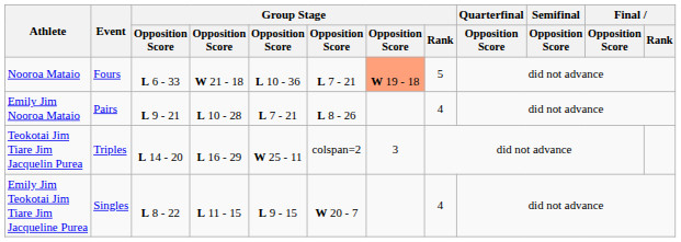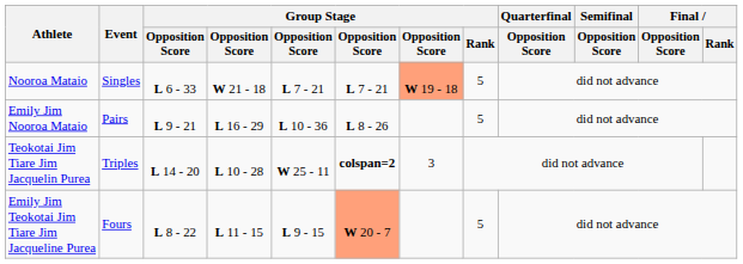 <table class="wikitable" style="font-size:88%">
 <tr>
 <th rowspan=2>Athlete</th>
 <th rowspan=2>Event</th>
 <th colspan=6>Group Stage</th>
 <th>Quarterfinal</th>
 <th>Semifinal</th>
 <th colspan=2>Final / </th>
 </tr>
 <tr style="font-size:95%">
 <th>Opposition<br>Score</th>
 <th>Opposition<br>Score</th>
 <th>Opposition<br>Score</th>
 <th>Opposition<br>Score</th>
 <th>Opposition<br>Score</th>
 <th>Rank</th>
 <th>Opposition<br>Score</th>
 <th>Opposition<br>Score</th>
 <th>Opposition<br>Score</th>
 <th>Rank</th>
 </tr>
 <tr align=center>
 <td align=left><a href='#'>Nooroa Mataio</a></td>
-<td align=left><a href='#'>Fours</a></td>
+<td align=left><a href='#'>Singles</a></td>
 <td><br><strong>L</strong> 6 - 33</td>
 <td><br><strong>W</strong> 21 - 18</td>
-<td><br><strong>L</strong> 10 - 36</td>
+<td><br><strong>L</strong> 7 - 21</td>
 <td><br><strong>L</strong> 7 - 21</td>
 <td style="background: lightsalmon;"><br><strong>W</strong> 19 - 18</td>
 <td>5</td>
 <td colspan=4>did not advance</td>
 </tr>
 <tr align=center>
 <td align=left><a href='#'>Emily Jim</a><br><a href='#'>Nooroa Mataio</a></td>
 <td align=left><a href='#'>Pairs</a></td>
 <td><br><strong>L</strong> 9 - 21</td>
-<td><br><strong>L</strong> 10 - 28</td>
-<td><br><strong>L</strong> 7 - 21</td>
+<td><br><strong>L</strong> 16 - 29</td>
+<td><br><strong>L</strong> 10 - 36</td>
 <td><br><strong>L</strong> 8 - 26</td>
 <td></td>
-<td>4</td>
+<td>5</td>
 <td colspan=4>did not advance</td>
 </tr>
 <tr align=center>
 <td align=left><a href='#'>Teokotai Jim</a><br><a href='#'>Tiare Jim</a><br><a href='#'>Jacquelin Purea</a></td>
 <td align=left><a href='#'>Triples</a></td>
 <td><br><strong>L</strong> 14 - 20</td>
-<td><br><strong>L</strong> 16 - 29</td>
+<td><br><strong>L</strong> 10 - 28</td>
 <td><br><strong>W</strong> 25 - 11</td>
-<td>colspan=2 </td>
+<td><strong>colspan=2 </strong></td>
 <td>3</td>
 <td colspan=4>did not advance</td>
 </tr>
 <tr align=center>
 <td align=left><a href='#'>Emily Jim</a><br><a href='#'>Teokotai Jim</a><br><a href='#'>Tiare Jim</a><br><a href='#'>Jacqueline Purea</a></td>
-<td align=left><a href='#'>Singles</a></td>
+<td align=left><a href='#'>Fours</a></td>
 <td><br><strong>L</strong> 8 - 22</td>
 <td><br><strong>L</strong> 11 - 15</td>
 <td><br><strong>L</strong> 9 - 15</td>
-<td><br><strong>W</strong> 20 - 7</td>
+<td style="background: lightsalmon;"><br><strong>W</strong> 20 - 7</td>
 <td></td>
-<td>4</td>
+<td>5</td>
 <td colspan=4>did not advance</td>
 </tr>
 </table>
